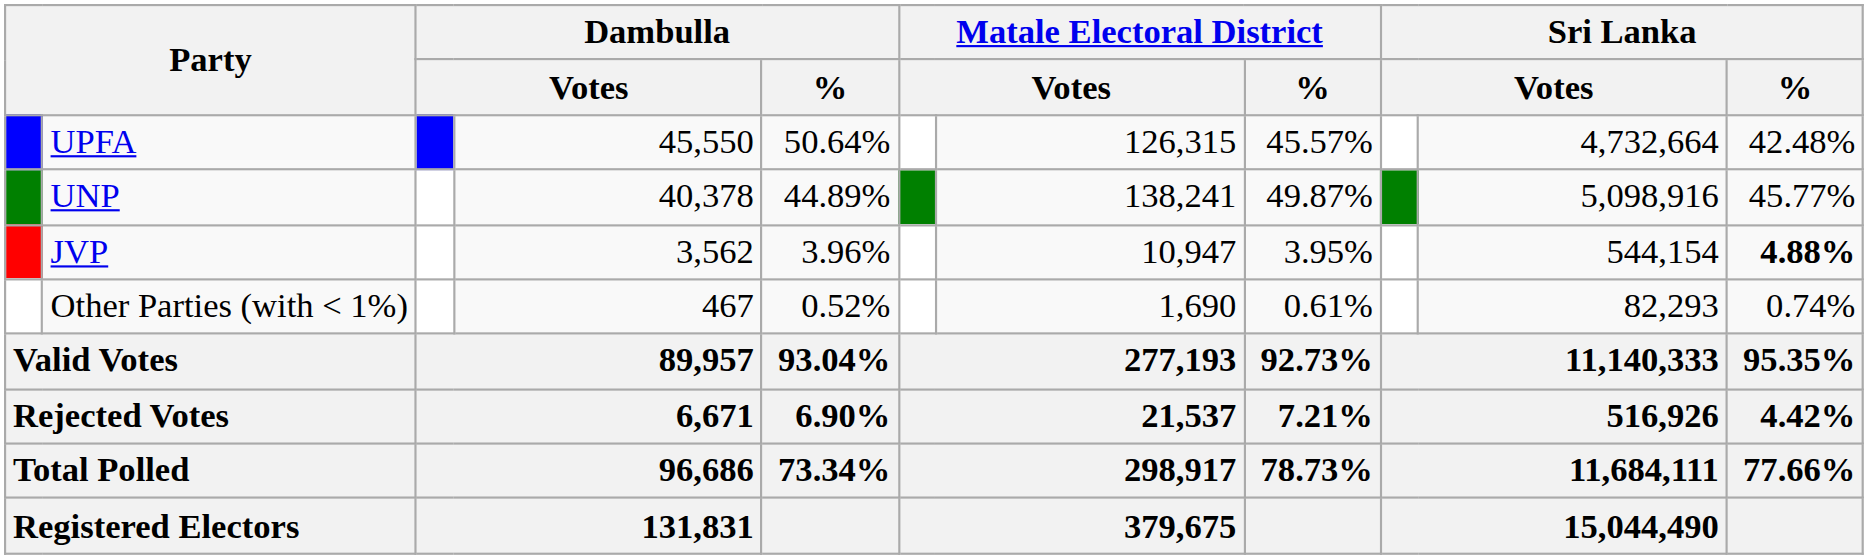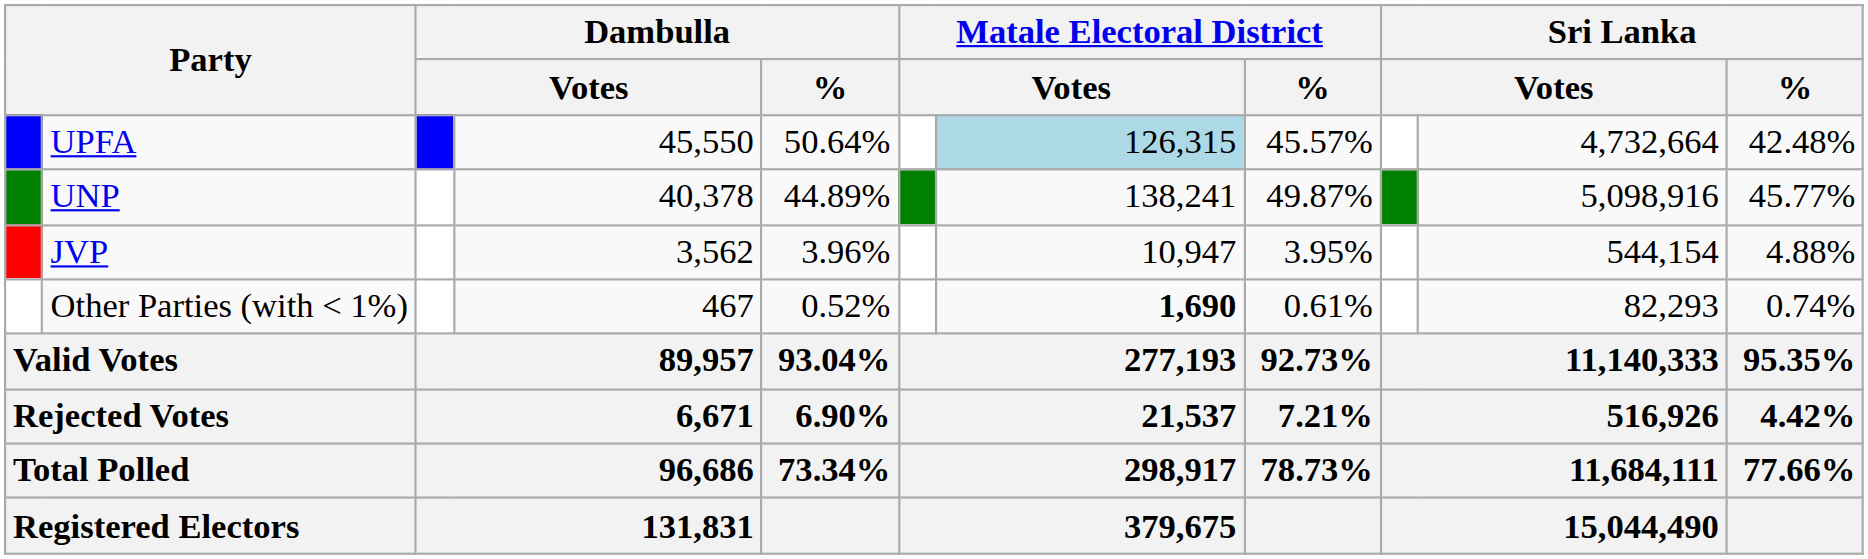 <table class="wikitable">
 <tr>
 <th colspan="2" width="144px"rowspan="2">Party</th>
 <th colspan="3" width="216px">Dambulla</th>
 <th colspan="3" width="216px"><a href='#'>Matale Electoral District</a></th>
 <th colspan="3" width="216px">Sri Lanka</th>
 </tr>
 <tr>
 <th colspan="2" width="144px">Votes</th>
 <th>%</th>
 <th colspan="2" width="144px">Votes</th>
 <th>%</th>
 <th colspan="2" width="144px">Votes</th>
 <th>%</th>
 </tr>
 <tr>
 <td style="background-color:blue;" width="10px"></td>
 <td style="text-align:left;"><a href='#'>UPFA</a></td>
 <td style="background-color:blue;" width="10px"></td>
 <td style="text-align:right;">45,550</td>
 <td style="text-align:right;">50.64%</td>
 <td style="background-color:white;" width="10px"></td>
-<td style="text-align:right;">126,315</td>
+<td style="background: lightblue; text-align:right;">126,315</td>
 <td style="text-align:right;">45.57%</td>
 <td style="background-color:white;" width="10px"></td>
 <td style="text-align:right;">4,732,664</td>
 <td style="text-align:right;">42.48%</td>
 </tr>
 <tr>
 <td style="background-color:green;" width="10px"></td>
 <td style="text-align:left;"><a href='#'>UNP</a></td>
 <td style="background-color:white;" width="10px"></td>
 <td style="text-align:right;">40,378</td>
 <td style="text-align:right;">44.89%</td>
 <td style="background-color:green;" width="10px"></td>
 <td style="text-align:right;">138,241</td>
 <td style="text-align:right;">49.87%</td>
 <td style="background-color:green;" width="10px"></td>
 <td style="text-align:right;">5,098,916</td>
 <td style="text-align:right;">45.77%</td>
 </tr>
 <tr>
 <td style="background-color:red;" width="10px"></td>
 <td style="text-align:left;"><a href='#'>JVP</a></td>
 <td style="background-color:white;" width="10px"></td>
 <td style="text-align:right;">3,562</td>
 <td style="text-align:right;">3.96%</td>
 <td style="background-color:white;" width="10px"></td>
 <td style="text-align:right;">10,947</td>
 <td style="text-align:right;">3.95%</td>
 <td style="background-color:white;" width="10px"></td>
 <td style="text-align:right;">544,154</td>
-<td style="text-align:right;"><strong>4.88%</strong></td>
+<td style="text-align:right;">4.88%</td>
 </tr>
 <tr>
 <td style="background-color:white;" width="10px"></td>
 <td style="text-align:left;">Other Parties (with < 1%)</td>
 <td style="background-color:white;" width="10px"></td>
 <td style="text-align:right;">467</td>
 <td style="text-align:right;">0.52%</td>
 <td style="background-color:white;" width="10px"></td>
-<td style="text-align:right;">1,690</td>
+<td style="text-align:right;"><strong>1,690</strong></td>
 <td style="text-align:right;">0.61%</td>
 <td style="background-color:white;" width="10px"></td>
 <td style="text-align:right;">82,293</td>
 <td style="text-align:right;">0.74%</td>
 </tr>
 <tr>
 <th colspan="2" width="144px"style="text-align:left;">Valid Votes</th>
 <th style="text-align:right;"colspan="2" width="144px">89,957</th>
 <th style="text-align:right;">93.04%</th>
 <th style="text-align:right;"colspan="2" width="144px">277,193</th>
 <th style="text-align:right;">92.73%</th>
 <th style="text-align:right;"colspan="2" width="144px">11,140,333</th>
 <th style="text-align:right;">95.35%</th>
 </tr>
 <tr>
 <th colspan="2" width="144px"style="text-align:left;">Rejected Votes</th>
 <th style="text-align:right;"colspan="2" width="144px">6,671</th>
 <th style="text-align:right;">6.90%</th>
 <th style="text-align:right;"colspan="2" width="144px">21,537</th>
 <th style="text-align:right;">7.21%</th>
 <th style="text-align:right;"colspan="2" width="144px">516,926</th>
 <th style="text-align:right;">4.42%</th>
 </tr>
 <tr>
 <th colspan="2" width="144px"style="text-align:left;">Total Polled</th>
 <th style="text-align:right;"colspan="2" width="144px">96,686</th>
 <th style="text-align:right;">73.34%</th>
 <th style="text-align:right;"colspan="2" width="144px">298,917</th>
 <th style="text-align:right;">78.73%</th>
 <th style="text-align:right;"colspan="2" width="144px">11,684,111</th>
 <th style="text-align:right;">77.66%</th>
 </tr>
 <tr>
 <th colspan="2" width="144px"style="text-align:left;">Registered Electors</th>
 <th style="text-align:right;"colspan="2" width="144px">131,831</th>
 <th></th>
 <th style="text-align:right;"colspan="2" width="144px">379,675</th>
 <th></th>
 <th style="text-align:right;"colspan="2" width="144px">15,044,490</th>
 <th></th>
 </tr>
 </table>
